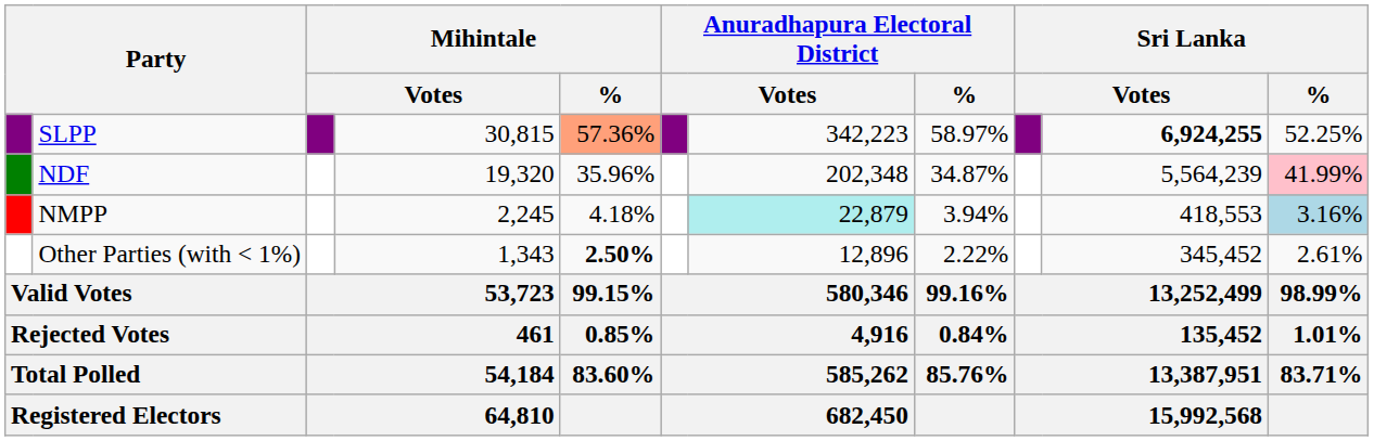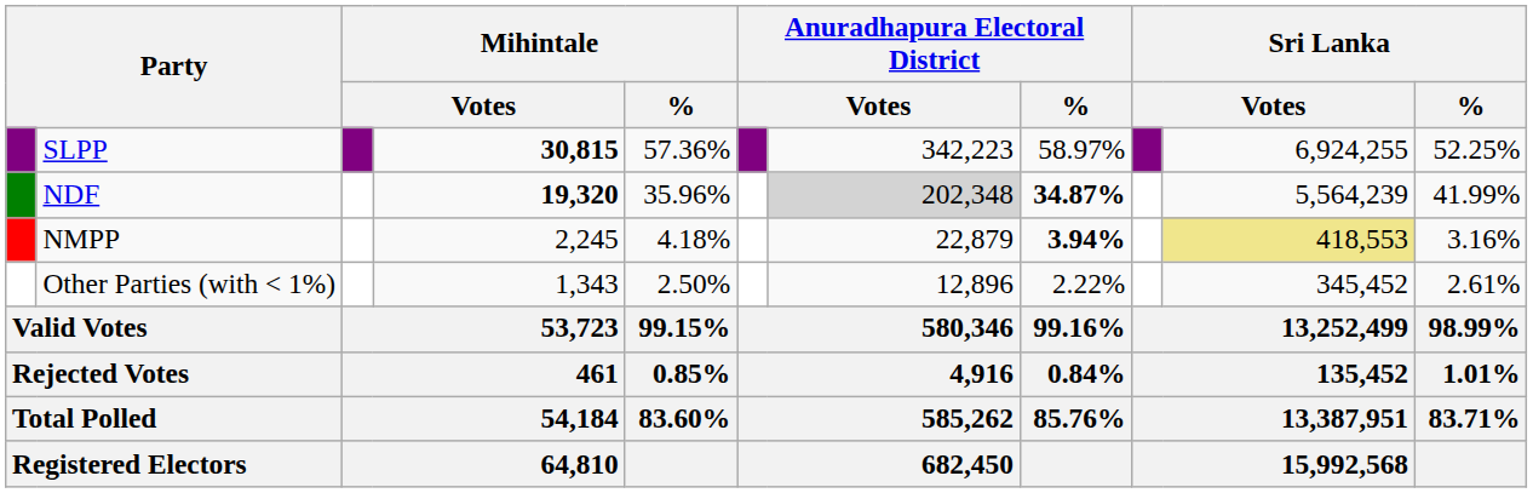 <table class="wikitable">
 <tr>
 <th colspan="2" width="144px"rowspan="2">Party</th>
 <th colspan="3" width="216px">Mihintale</th>
 <th colspan="3" width="216px"><a href='#'>Anuradhapura Electoral District</a></th>
 <th colspan="3" width="216px">Sri Lanka</th>
 </tr>
 <tr>
 <th colspan="2" width="144px">Votes</th>
 <th>%</th>
 <th colspan="2" width="144px">Votes</th>
 <th>%</th>
 <th colspan="2" width="144px">Votes</th>
 <th>%</th>
 </tr>
 <tr>
 <td style="background-color:purple;" width="10px"></td>
 <td style="text-align:left;"><a href='#'>SLPP</a></td>
 <td style="background-color:purple;" width="10px"></td>
-<td style="text-align:right;">30,815</td>
-<td style="background: lightsalmon; text-align:right;">57.36%</td>
+<td style="text-align:right;"><strong>30,815</strong></td>
+<td style="text-align:right;">57.36%</td>
 <td style="background-color:purple;" width="10px"></td>
 <td style="text-align:right;">342,223</td>
 <td style="text-align:right;">58.97%</td>
 <td style="background-color:purple;" width="10px"></td>
-<td style="text-align:right;"><strong>6,924,255</strong></td>
+<td style="text-align:right;">6,924,255</td>
 <td style="text-align:right;">52.25%</td>
 </tr>
 <tr>
 <td style="background-color:green;" width="10px"></td>
 <td style="text-align:left;"><a href='#'>NDF</a></td>
 <td style="background-color:white;" width="10px"></td>
-<td style="text-align:right;">19,320</td>
+<td style="text-align:right;"><strong>19,320</strong></td>
 <td style="text-align:right;">35.96%</td>
 <td style="background-color:white;" width="10px"></td>
-<td style="text-align:right;">202,348</td>
-<td style="text-align:right;">34.87%</td>
+<td style="background: lightgrey; text-align:right;">202,348</td>
+<td style="text-align:right;"><strong>34.87%</strong></td>
 <td style="background-color:white;" width="10px"></td>
 <td style="text-align:right;">5,564,239</td>
-<td style="background: pink; text-align:right;">41.99%</td>
+<td style="text-align:right;">41.99%</td>
 </tr>
 <tr>
 <td style="background-color:red;" width="10px"></td>
 <td style="text-align:left;">NMPP</td>
 <td style="background-color:white;" width="10px"></td>
 <td style="text-align:right;">2,245</td>
 <td style="text-align:right;">4.18%</td>
 <td style="background-color:white;" width="10px"></td>
-<td style="background: paleturquoise; text-align:right;">22,879</td>
-<td style="text-align:right;">3.94%</td>
+<td style="text-align:right;">22,879</td>
+<td style="text-align:right;"><strong>3.94%</strong></td>
 <td style="background-color:white;" width="10px"></td>
-<td style="text-align:right;">418,553</td>
-<td style="background: lightblue; text-align:right;">3.16%</td>
+<td style="background: khaki; text-align:right;">418,553</td>
+<td style="text-align:right;">3.16%</td>
 </tr>
 <tr>
 <td style="background-color:white;" width="10px"></td>
 <td style="text-align:left;">Other Parties (with < 1%)</td>
 <td style="background-color:white;" width="10px"></td>
 <td style="text-align:right;">1,343</td>
-<td style="text-align:right;"><strong>2.50%</strong></td>
+<td style="text-align:right;">2.50%</td>
 <td style="background-color:white;" width="10px"></td>
 <td style="text-align:right;">12,896</td>
 <td style="text-align:right;">2.22%</td>
 <td style="background-color:white;" width="10px"></td>
 <td style="text-align:right;">345,452</td>
 <td style="text-align:right;">2.61%</td>
 </tr>
 <tr>
 <th colspan="2" width="144px"style="text-align:left;">Valid Votes</th>
 <th style="text-align:right;"colspan="2" width="144px">53,723</th>
 <th style="text-align:right;">99.15%</th>
 <th style="text-align:right;"colspan="2" width="144px">580,346</th>
 <th style="text-align:right;">99.16%</th>
 <th style="text-align:right;"colspan="2" width="144px">13,252,499</th>
 <th style="text-align:right;">98.99%</th>
 </tr>
 <tr>
 <th colspan="2" width="144px"style="text-align:left;">Rejected Votes</th>
 <th style="text-align:right;"colspan="2" width="144px">461</th>
 <th style="text-align:right;">0.85%</th>
 <th style="text-align:right;"colspan="2" width="144px">4,916</th>
 <th style="text-align:right;">0.84%</th>
 <th style="text-align:right;"colspan="2" width="144px">135,452</th>
 <th style="text-align:right;">1.01%</th>
 </tr>
 <tr>
 <th colspan="2" width="144px"style="text-align:left;">Total Polled</th>
 <th style="text-align:right;"colspan="2" width="144px">54,184</th>
 <th style="text-align:right;">83.60%</th>
 <th style="text-align:right;"colspan="2" width="144px">585,262</th>
 <th style="text-align:right;">85.76%</th>
 <th style="text-align:right;"colspan="2" width="144px">13,387,951</th>
 <th style="text-align:right;">83.71%</th>
 </tr>
 <tr>
 <th colspan="2" width="144px"style="text-align:left;">Registered Electors</th>
 <th style="text-align:right;"colspan="2" width="144px">64,810</th>
 <th></th>
 <th style="text-align:right;"colspan="2" width="144px">682,450</th>
 <th></th>
 <th style="text-align:right;"colspan="2" width="144px">15,992,568</th>
 <th></th>
 </tr>
 </table>
